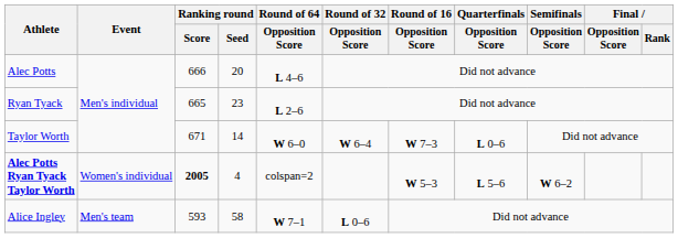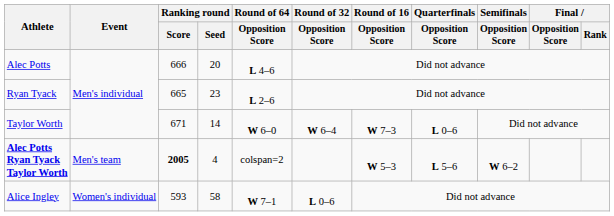 <table class="wikitable" style="font-size:90%">
 <tr>
 <th rowspan=2>Athlete</th>
 <th rowspan=2>Event</th>
 <th colspan="2">Ranking round</th>
 <th>Round of 64</th>
 <th>Round of 32</th>
 <th>Round of 16</th>
 <th>Quarterfinals</th>
 <th>Semifinals</th>
 <th colspan="2">Final / </th>
 </tr>
 <tr style="font-size:95%">
 <th>Score</th>
 <th>Seed</th>
 <th>Opposition<br>Score</th>
 <th>Opposition<br>Score</th>
 <th>Opposition<br>Score</th>
 <th>Opposition<br>Score</th>
 <th>Opposition<br>Score</th>
 <th>Opposition<br>Score</th>
 <th>Rank</th>
 </tr>
 <tr align=center>
 <td align=left><a href='#'>Alec Potts</a></td>
 <td align=left rowspan=3><a href='#'>Men's individual</a></td>
 <td>666</td>
 <td>20</td>
 <td><br> <strong>L</strong> 4–6</td>
 <td colspan=6>Did not advance</td>
 </tr>
 <tr align=center>
 <td align=left><a href='#'>Ryan Tyack</a></td>
 <td>665</td>
 <td>23</td>
 <td><br><strong>L</strong> 2–6</td>
 <td colspan=6>Did not advance</td>
 </tr>
 <tr align=center>
 <td align=left><a href='#'>Taylor Worth</a></td>
 <td>671</td>
 <td>14</td>
 <td><br> <strong>W</strong> 6–0</td>
 <td><br><strong>W</strong> 6–4</td>
 <td><br><strong>W</strong> 7–3</td>
 <td><br><strong>L</strong> 0–6</td>
 <td colspan=3>Did not advance</td>
 </tr>
 <tr align=center>
 <td align=left><strong><a href='#'>Alec Potts</a><br><a href='#'>Ryan Tyack</a><br><a href='#'>Taylor Worth</a></strong></td>
-<td align=left><a href='#'>Women's individual</a></td>
+<td align=left><a href='#'>Men's team</a></td>
 <td><strong>2005</strong></td>
 <td>4</td>
 <td>colspan=2 </td>
 <td></td>
 <td><br><strong>W</strong> 5–3</td>
 <td><br><strong>L</strong> 5–6</td>
 <td><br><strong>W</strong> 6–2</td>
 <td></td>
 </tr>
 <tr align=center>
 <td align=left><a href='#'>Alice Ingley</a></td>
-<td align=left><a href='#'>Men's team</a></td>
+<td align=left><a href='#'>Women's individual</a></td>
 <td>593</td>
 <td>58</td>
 <td><br><strong>W</strong> 7–1</td>
 <td><br><strong>L</strong> 0–6</td>
 <td colspan=5>Did not advance</td>
 </tr>
 </table>
